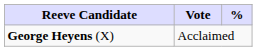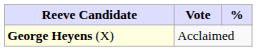 <table class="wikitable">
 <tr>
 <th style="background:#ddf; width:200px;">Reeve Candidate</th>
 <th style="background:#ddf; width:50px;">Vote</th>
 <th style="background:#ddf; width:30px;">%</th>
 </tr>
 <tr>
-<td><strong>George Heyens</strong> (X)</td>
+<td style="background: lightyellow;"><strong>George Heyens</strong> (X)</td>
 <td colspan="2">Acclaimed</td>
 </tr>
 </table>
